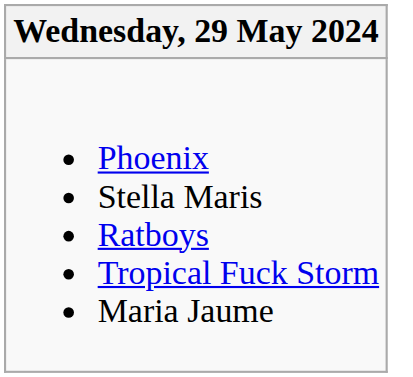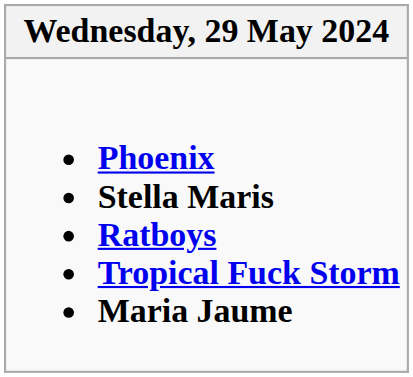 <table class="wikitable">
 <tr>
 <th>Wednesday, 29 May 2024</th>
 </tr>
 <tr>
-<td><br><ul><li><a href='#'>Phoenix</a></li><li>Stella Maris</li><li><a href='#'>Ratboys</a></li><li><a href='#'>Tropical Fuck Storm</a></li><li>Maria Jaume</li></ul></td>
+<td><strong><br><ul><li><a href='#'>Phoenix</a></li><li>Stella Maris</li><li><a href='#'>Ratboys</a></li><li><a href='#'>Tropical Fuck Storm</a></li><li>Maria Jaume</li></ul></strong></td>
 </tr>
 </table>
